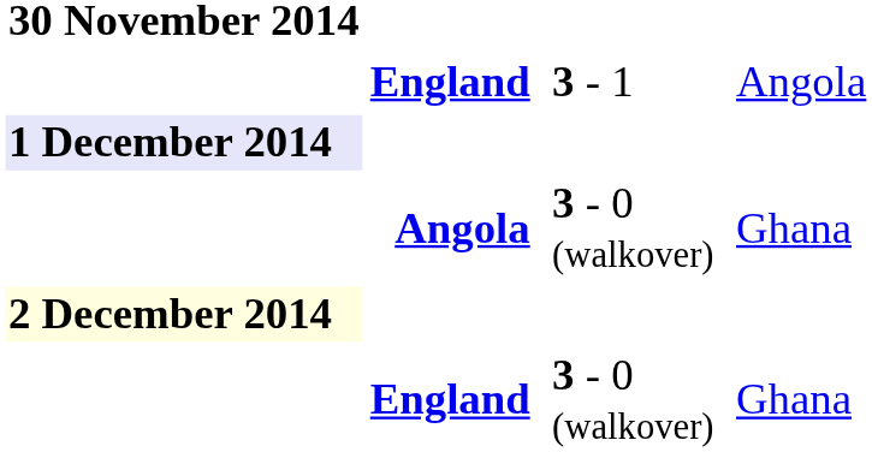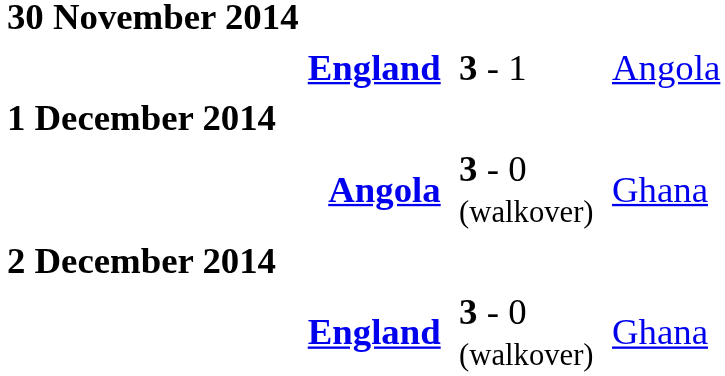 <table>
 <tr>
 <td><strong>30 November 2014</strong></td>
 </tr>
 <tr>
 <td></td>
 <td align=right><strong><a href='#'>England</a></strong></td>
 <td></td>
 <td><strong>3</strong> - 1</td>
 <td></td>
 <td><a href='#'>Angola</a></td>
 </tr>
 <tr>
-<td style="background: lavender;"><strong>1 December 2014</strong></td>
+<td><strong>1 December 2014</strong></td>
 </tr>
 <tr>
 <td></td>
 <td align=right><strong><a href='#'>Angola</a></strong></td>
 <td></td>
 <td><strong>3</strong> - 0 <br><small>(walkover)</small></td>
 <td></td>
 <td><a href='#'>Ghana</a></td>
 </tr>
 <tr>
-<td style="background: lightyellow;"><strong>2 December 2014</strong></td>
+<td><strong>2 December 2014</strong></td>
 </tr>
 <tr>
 <td></td>
 <td align=right><strong><a href='#'>England</a></strong></td>
 <td></td>
 <td><strong>3</strong> - 0 <br><small>(walkover)</small></td>
 <td></td>
 <td><a href='#'>Ghana</a></td>
 </tr>
 </table>
